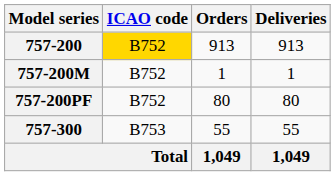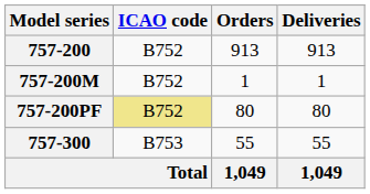 <table class="wikitable" style="text-align:center; font-size:96%;">
 <tr>
 <th>Model series</th>
 <th><a href='#'>ICAO</a> code</th>
 <th>Orders</th>
 <th>Deliveries</th>
 </tr>
 <tr>
 <th>757-200</th>
-<td style="background: gold;">B752</td>
+<td>B752</td>
 <td>913</td>
 <td>913</td>
 </tr>
 <tr>
 <th>757-200M</th>
 <td>B752</td>
 <td>1</td>
 <td>1</td>
 </tr>
 <tr>
 <th>757-200PF</th>
-<td>B752</td>
+<td style="background: khaki;">B752</td>
 <td>80</td>
 <td>80</td>
 </tr>
 <tr>
 <th>757-300</th>
 <td>B753</td>
 <td>55</td>
 <td>55</td>
 </tr>
 <tr>
 <th colspan=2 style="text-align:right">Total</th>
 <th>1,049</th>
 <th>1,049</th>
 </tr>
 </table>
